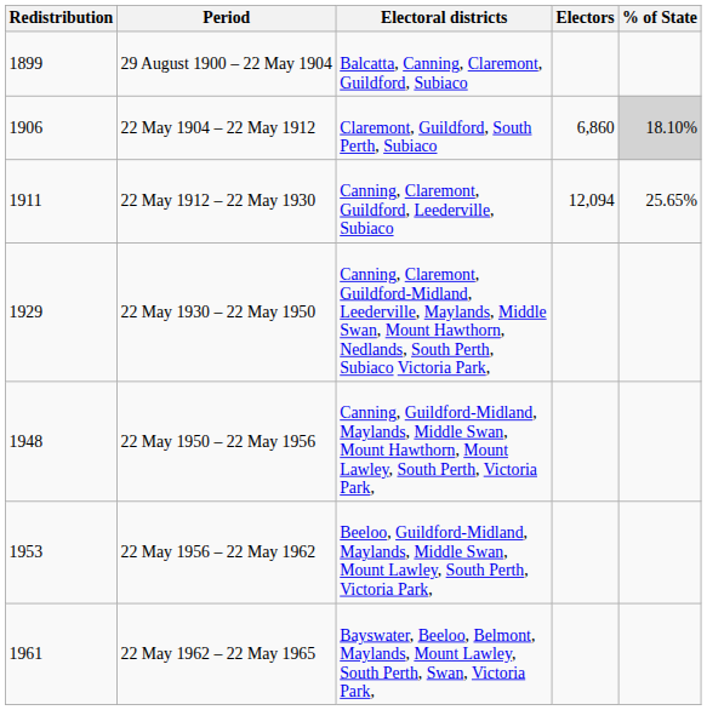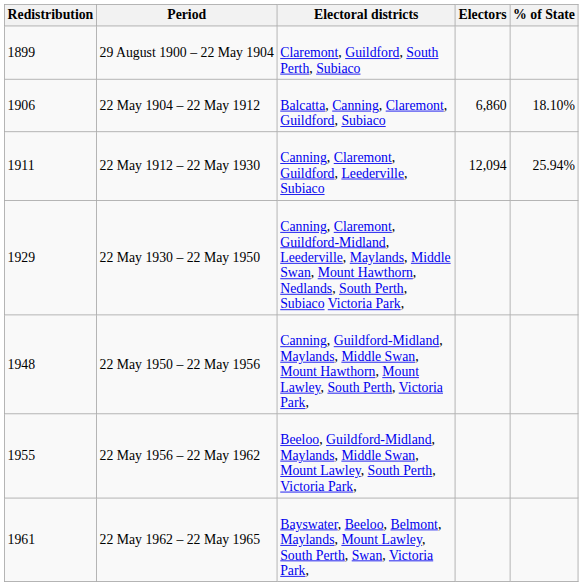 <table class="wikitable">
 <tr>
 <th>Redistribution</th>
 <th>Period</th>
 <th>Electoral districts</th>
 <th>Electors</th>
 <th>% of State</th>
 </tr>
 <tr>
 <td>1899</td>
 <td>29 August 1900 – 22 May 1904</td>
-<td width = 200><br><a href='#'>Balcatta</a>,  <a href='#'>Canning</a>,  <a href='#'>Claremont</a>,  <a href='#'>Guildford</a>,  <a href='#'>Subiaco</a></td>
+<td width = 200><br><a href='#'>Claremont</a>,  <a href='#'>Guildford</a>,  <a href='#'>South Perth</a>,  <a href='#'>Subiaco</a></td>
 <td align=right> </td>
 <td align=right> </td>
 </tr>
 <tr>
 <td>1906</td>
 <td>22 May 1904 – 22 May 1912</td>
-<td width = 200><br><a href='#'>Claremont</a>,  <a href='#'>Guildford</a>,  <a href='#'>South Perth</a>,  <a href='#'>Subiaco</a></td>
+<td width = 200><br><a href='#'>Balcatta</a>,  <a href='#'>Canning</a>,  <a href='#'>Claremont</a>,  <a href='#'>Guildford</a>,  <a href='#'>Subiaco</a></td>
 <td align=right>6,860</td>
-<td align=right style="background: lightgrey;">18.10%</td>
+<td align=right>18.10%</td>
 </tr>
 <tr>
 <td>1911</td>
 <td>22 May 1912 – 22 May 1930</td>
 <td width = 200><br><a href='#'>Canning</a>,  <a href='#'>Claremont</a>,  <a href='#'>Guildford</a>,  <a href='#'>Leederville</a>,  <a href='#'>Subiaco</a></td>
 <td align=right>12,094</td>
-<td align=right>25.65%</td>
+<td align=right>25.94%</td>
 </tr>
 <tr>
 <td>1929</td>
 <td>22 May 1930 – 22 May 1950</td>
 <td width = 200><br><a href='#'>Canning</a>,  <a href='#'>Claremont</a>,  <a href='#'>Guildford-Midland</a>,  <a href='#'>Leederville</a>,  <a href='#'>Maylands</a>,  <a href='#'>Middle Swan</a>,  <a href='#'>Mount Hawthorn</a>,  <a href='#'>Nedlands</a>,  <a href='#'>South Perth</a>,  <a href='#'>Subiaco</a> <a href='#'>Victoria Park</a>,</td>
 <td align=right> </td>
 <td align=right> </td>
 </tr>
 <tr>
 <td>1948</td>
 <td>22 May 1950 – 22 May 1956</td>
 <td width = 200><br><a href='#'>Canning</a>,  <a href='#'>Guildford-Midland</a>,  <a href='#'>Maylands</a>,  <a href='#'>Middle Swan</a>,  <a href='#'>Mount Hawthorn</a>,  <a href='#'>Mount Lawley</a>,  <a href='#'>South Perth</a>,  <a href='#'>Victoria Park</a>,</td>
 <td align=right> </td>
 <td align=right> </td>
 </tr>
 <tr>
-<td>1953</td>
+<td>1955</td>
 <td>22 May 1956 – 22 May 1962</td>
 <td width = 200><br><a href='#'>Beeloo</a>,  <a href='#'>Guildford-Midland</a>,  <a href='#'>Maylands</a>,  <a href='#'>Middle Swan</a>,  <a href='#'>Mount Lawley</a>,  <a href='#'>South Perth</a>,  <a href='#'>Victoria Park</a>,</td>
 <td align=right> </td>
 <td align=right> </td>
 </tr>
 <tr>
 <td>1961</td>
 <td>22 May 1962 – 22 May 1965</td>
 <td width = 200><br><a href='#'>Bayswater</a>,  <a href='#'>Beeloo</a>,  <a href='#'>Belmont</a>,  <a href='#'>Maylands</a>,  <a href='#'>Mount Lawley</a>,  <a href='#'>South Perth</a>,  <a href='#'>Swan</a>,  <a href='#'>Victoria Park</a>,</td>
 <td align=right> </td>
 <td align=right> </td>
 </tr>
 </table>
